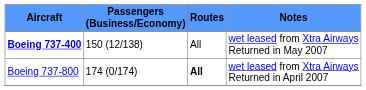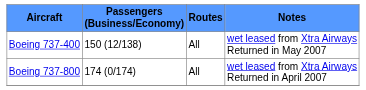 <table class="toccolours" border="1" cellpadding="3" style="margin:1em auto; border-collapse:collapse">
 <tr bgcolor=#5599FF>
 <th>Aircraft</th>
 <th>Passengers<br>(Business/Economy)</th>
 <th>Routes</th>
 <th>Notes</th>
 </tr>
 <tr>
-<td><strong><a href='#'>Boeing 737-400</a></strong></td>
+<td><a href='#'>Boeing 737-400</a></td>
 <td>150 (12/138)</td>
 <td>All</td>
 <td><a href='#'>wet leased</a> from <a href='#'>Xtra Airways</a><br>Returned in May 2007</td>
 </tr>
 <tr>
 <td><a href='#'>Boeing 737-800</a></td>
 <td>174 (0/174)</td>
-<td><strong>All</strong></td>
+<td>All</td>
 <td><a href='#'>wet leased</a> from <a href='#'>Xtra Airways</a><br>Returned in April 2007</td>
 </tr>
 <tr>
 </tr>
 </table>
